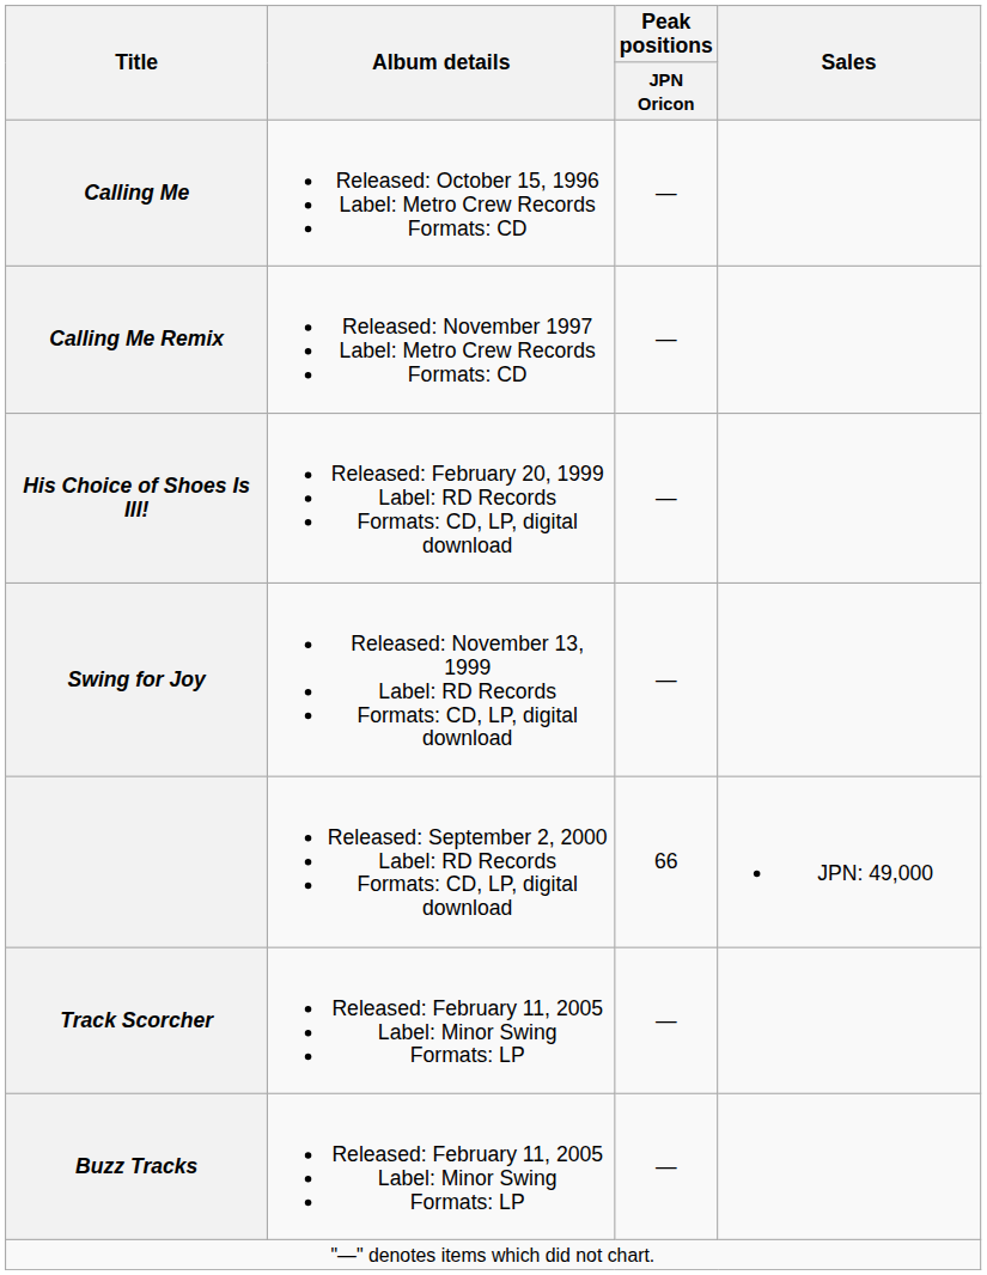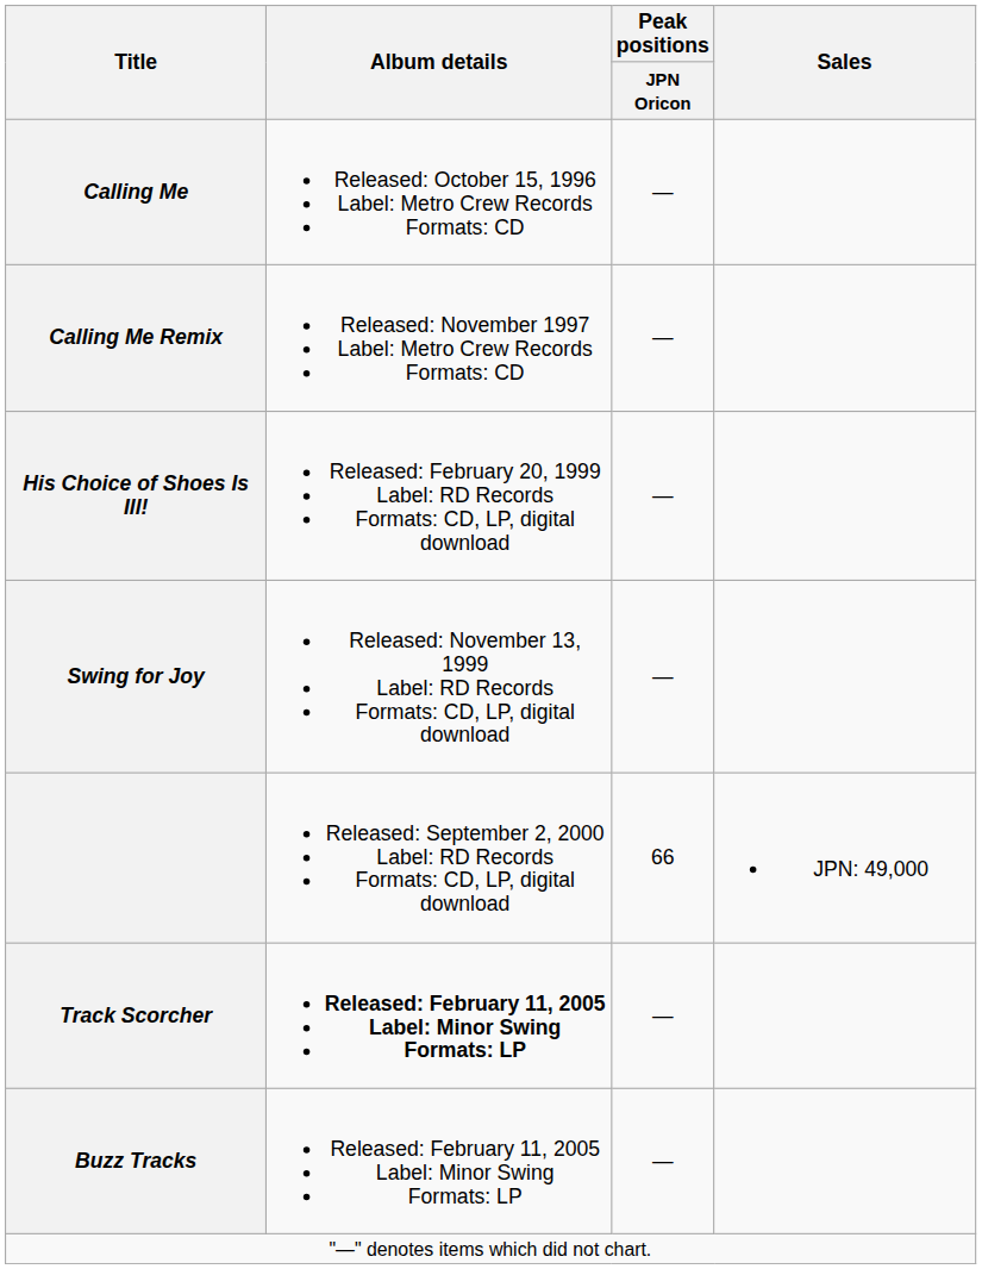 <table class="wikitable plainrowheaders" style="text-align:center;">
 <tr>
 <th style="width:12em;" rowspan="2">Title</th>
 <th style="width:16em;" rowspan="2">Album details</th>
 <th colspan="1">Peak positions</th>
 <th style="width:12em;" rowspan="2">Sales</th>
 </tr>
 <tr>
 <th style="width:2.5em;"><small>JPN<br>Oricon</small><br></th>
 </tr>
 <tr>
 <th scope="row"><em>Calling Me</em></th>
 <td><br><ul><li>Released: October 15, 1996</li><li>Label: Metro Crew Records</li><li>Formats: CD</li></ul></td>
 <td>—</td>
 <td></td>
 </tr>
 <tr>
 <th scope="row"><em>Calling Me Remix</em></th>
 <td><br><ul><li>Released: November 1997</li><li>Label: Metro Crew Records</li><li>Formats: CD</li></ul></td>
 <td>—</td>
 <td></td>
 </tr>
 <tr>
 <th scope="row"><em>His Choice of Shoes Is Ill!</em></th>
 <td><br><ul><li>Released: February 20, 1999</li><li>Label: RD Records</li><li>Formats: CD, LP, digital download</li></ul></td>
 <td>—</td>
 <td></td>
 </tr>
 <tr>
 <th scope="row"><em>Swing for Joy</em></th>
 <td><br><ul><li>Released: November 13, 1999</li><li>Label: RD Records</li><li>Formats: CD, LP, digital download</li></ul></td>
 <td>—</td>
 <td></td>
 </tr>
 <tr>
 <th scope="row"></th>
 <td><br><ul><li>Released: September 2, 2000</li><li>Label: RD Records</li><li>Formats: CD, LP, digital download</li></ul></td>
 <td>66</td>
 <td><br><ul><li>JPN: 49,000</li></ul></td>
 </tr>
 <tr>
 <th scope="row"><em>Track Scorcher</em></th>
-<td><br><ul><li>Released: February 11, 2005</li><li>Label: Minor Swing</li><li>Formats: LP</li></ul></td>
+<td><strong><br><ul><li>Released: February 11, 2005</li><li>Label: Minor Swing</li><li>Formats: LP</li></ul></strong></td>
 <td>—</td>
 <td></td>
 </tr>
 <tr>
 <th scope="row"><em>Buzz Tracks</em></th>
 <td><br><ul><li>Released: February 11, 2005</li><li>Label: Minor Swing</li><li>Formats: LP</li></ul></td>
 <td>—</td>
 <td></td>
 </tr>
 <tr>
 <td colspan="12" align="center" style="font-size:90%;">"—" denotes items which did not chart.</td>
 </tr>
 </table>
